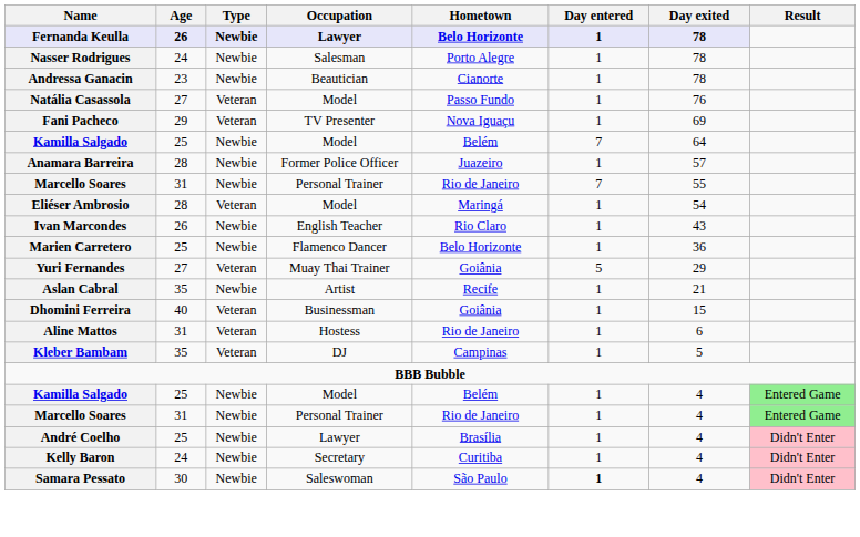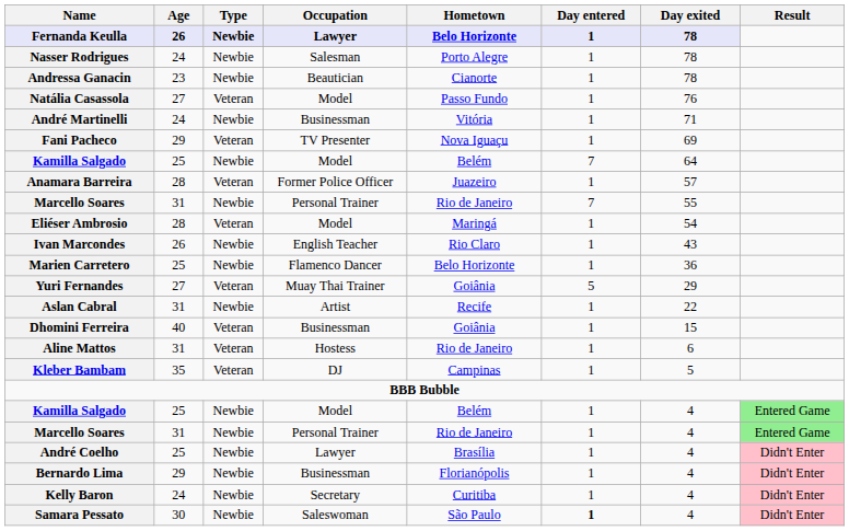 <table class="wikitable sortable" style="text-align:center;">
 <tr>
 <th scope="col" width="15.0%">Name</th>
 <th scope="col" width="05.0%">Age</th>
 <th scope="col" width="06.0%">Type</th>
 <th scope="col" width="14.5%">Occupation</th>
 <th scope="col" width="13.5%">Hometown</th>
 <th scope="col" width="10.0%">Day entered</th>
 <th scope="col" width="10.0%">Day exited</th>
 <th scope="col" width="10.5%">Result</th>
 </tr>
 <tr>
 <td bgcolor="E6E6FA"><strong>Fernanda Keulla</strong></td>
 <td bgcolor="E6E6FA"><strong>26</strong></td>
 <td bgcolor="E6E6FA"><strong>Newbie</strong></td>
 <td bgcolor="E6E6FA"><strong>Lawyer</strong></td>
 <td bgcolor="E6E6FA"><strong><a href='#'>Belo Horizonte</a></strong></td>
 <td bgcolor="E6E6FA"><strong>1</strong></td>
 <td bgcolor="E6E6FA"><strong>78</strong></td>
 <td></td>
 </tr>
 <tr>
 <th>Nasser Rodrigues</th>
 <td>24</td>
 <td>Newbie</td>
 <td>Salesman</td>
 <td><a href='#'>Porto Alegre</a></td>
 <td>1</td>
 <td>78</td>
 <td></td>
 </tr>
 <tr>
 <th>Andressa Ganacin</th>
 <td>23</td>
 <td>Newbie</td>
 <td>Beautician</td>
 <td><a href='#'>Cianorte</a></td>
 <td>1</td>
 <td>78</td>
 <td></td>
 </tr>
 <tr>
 <th>Natália Casassola</th>
 <td>27</td>
 <td>Veteran</td>
 <td>Model</td>
 <td><a href='#'>Passo Fundo</a></td>
 <td>1</td>
 <td>76</td>
 <td></td>
 </tr>
 <tr>
+<th>André Martinelli</th>
+<td>24</td>
+<td>Newbie</td>
+<td>Businessman</td>
+<td><a href='#'>Vitória</a></td>
+<td>1</td>
+<td>71</td>
+<td></td>
+</tr>
+<tr>
 <th>Fani Pacheco</th>
 <td>29</td>
 <td>Veteran</td>
 <td>TV Presenter</td>
 <td><a href='#'>Nova Iguaçu</a></td>
 <td>1</td>
 <td>69</td>
 <td></td>
 </tr>
 <tr>
 <th><a href='#'>Kamilla Salgado</a></th>
 <td>25</td>
 <td>Newbie</td>
 <td>Model</td>
 <td><a href='#'>Belém</a></td>
 <td>7</td>
 <td>64</td>
 <td></td>
 </tr>
 <tr>
 <th>Anamara Barreira</th>
 <td>28</td>
-<td>Newbie</td>
+<td>Veteran</td>
 <td>Former Police Officer</td>
 <td><a href='#'>Juazeiro</a></td>
 <td>1</td>
 <td>57</td>
 <td></td>
 </tr>
 <tr>
 <th>Marcello Soares</th>
 <td>31</td>
 <td>Newbie</td>
 <td>Personal Trainer</td>
 <td><a href='#'>Rio de Janeiro</a></td>
 <td>7</td>
 <td>55</td>
 <td></td>
 </tr>
 <tr>
 <th>Eliéser Ambrosio</th>
 <td>28</td>
 <td>Veteran</td>
 <td>Model</td>
 <td><a href='#'>Maringá</a></td>
 <td>1</td>
 <td>54</td>
 <td></td>
 </tr>
 <tr>
 <th>Ivan Marcondes</th>
 <td>26</td>
 <td>Newbie</td>
 <td>English Teacher</td>
 <td><a href='#'>Rio Claro</a></td>
 <td>1</td>
 <td>43</td>
 <td></td>
 </tr>
 <tr>
 <th>Marien Carretero</th>
 <td>25</td>
 <td>Newbie</td>
 <td>Flamenco Dancer</td>
 <td><a href='#'>Belo Horizonte</a></td>
 <td>1</td>
 <td>36</td>
 <td></td>
 </tr>
 <tr>
 <th>Yuri Fernandes</th>
 <td>27</td>
 <td>Veteran</td>
 <td>Muay Thai Trainer</td>
 <td><a href='#'>Goiânia</a></td>
 <td>5</td>
 <td>29</td>
 <td></td>
 </tr>
 <tr>
 <th>Aslan Cabral</th>
-<td>35</td>
+<td>31</td>
 <td>Newbie</td>
 <td>Artist</td>
 <td><a href='#'>Recife</a></td>
 <td>1</td>
-<td>21</td>
+<td>22</td>
 <td></td>
 </tr>
 <tr>
 <th>Dhomini Ferreira</th>
 <td>40</td>
 <td>Veteran</td>
 <td>Businessman</td>
 <td><a href='#'>Goiânia</a></td>
 <td>1</td>
 <td>15</td>
 <td></td>
 </tr>
 <tr>
 <th>Aline Mattos</th>
 <td>31</td>
 <td>Veteran</td>
 <td>Hostess</td>
 <td><a href='#'>Rio de Janeiro</a></td>
 <td>1</td>
 <td>6</td>
 <td></td>
 </tr>
 <tr>
 <th><a href='#'>Kleber Bambam</a></th>
 <td>35</td>
 <td>Veteran</td>
 <td>DJ</td>
 <td><a href='#'>Campinas</a></td>
 <td>1</td>
 <td>5</td>
 <td></td>
 </tr>
 <tr>
 <td colspan=8 align=center><strong>BBB Bubble</strong></td>
 </tr>
 <tr>
 <th><a href='#'>Kamilla Salgado</a></th>
 <td>25</td>
 <td>Newbie</td>
 <td>Model</td>
 <td><a href='#'>Belém</a></td>
 <td>1</td>
 <td>4</td>
 <td style="background:#90EE90;">Entered Game</td>
 </tr>
 <tr>
 <th>Marcello Soares</th>
 <td>31</td>
 <td>Newbie</td>
 <td>Personal Trainer</td>
 <td><a href='#'>Rio de Janeiro</a></td>
 <td>1</td>
 <td>4</td>
 <td style="background:#90EE90;">Entered Game</td>
 </tr>
 <tr>
 <th>André Coelho</th>
 <td>25</td>
 <td>Newbie</td>
 <td>Lawyer</td>
 <td><a href='#'>Brasília</a></td>
 <td>1</td>
 <td>4</td>
 <td style="background:#FFC0CB;">Didn't Enter</td>
 </tr>
 <tr>
+<th>Bernardo Lima</th>
+<td>29</td>
+<td>Newbie</td>
+<td>Businessman</td>
+<td><a href='#'>Florianópolis</a></td>
+<td>1</td>
+<td>4</td>
+<td style="background:#FFC0CB;">Didn't Enter</td>
+</tr>
+<tr>
 <th>Kelly Baron</th>
 <td>24</td>
 <td>Newbie</td>
 <td>Secretary</td>
 <td><a href='#'>Curitiba</a></td>
 <td>1</td>
 <td>4</td>
 <td style="background:#FFC0CB;">Didn't Enter</td>
 </tr>
 <tr>
 <th>Samara Pessato</th>
 <td>30</td>
 <td>Newbie</td>
 <td>Saleswoman</td>
 <td><a href='#'>São Paulo</a></td>
 <td><strong>1</strong></td>
 <td>4</td>
 <td style="background:#FFC0CB;">Didn't Enter</td>
 </tr>
 </table>
